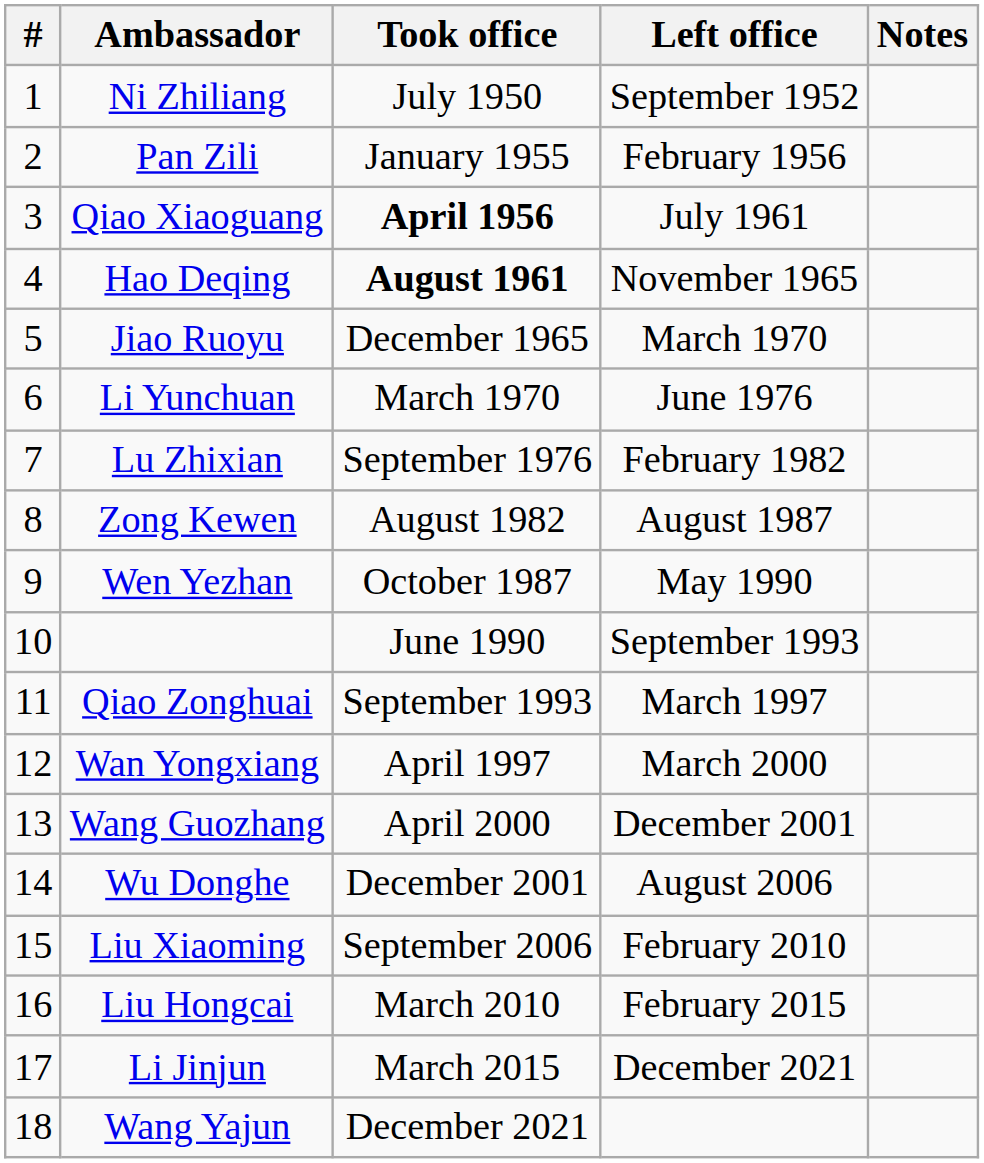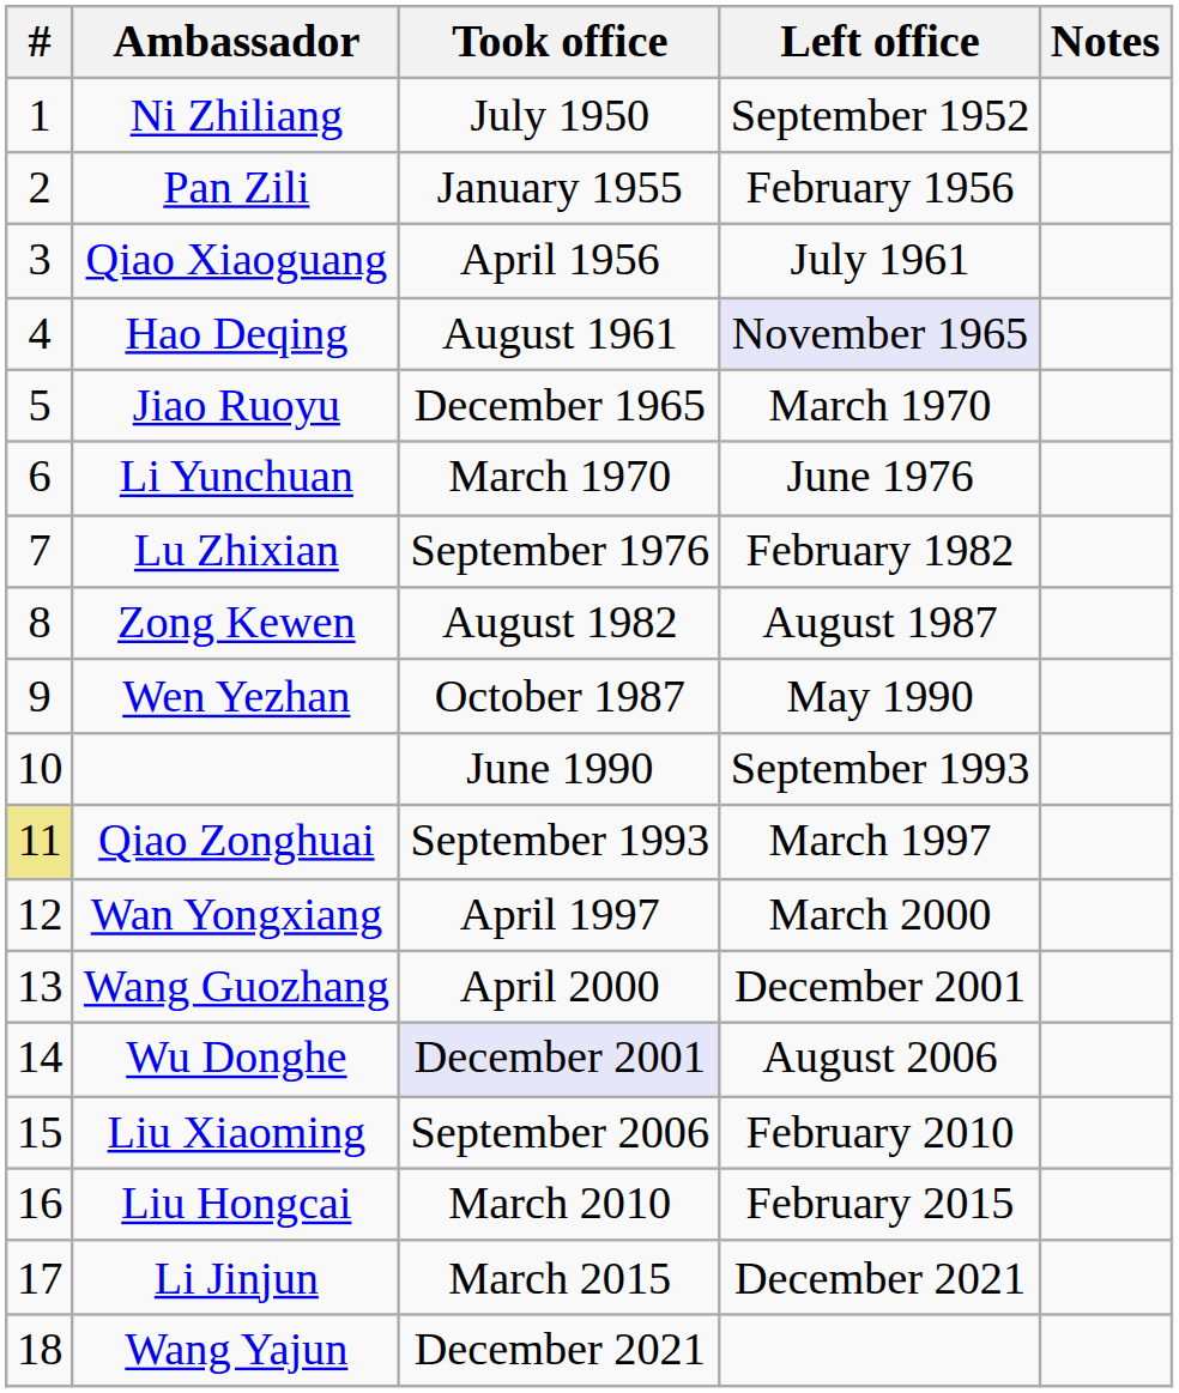 <table class=wikitable style="text-align:center">
 <tr>
 <th>#</th>
 <th>Ambassador</th>
 <th>Took office</th>
 <th>Left office</th>
 <th>Notes</th>
 </tr>
 <tr>
 <td>1</td>
 <td><a href='#'>Ni Zhiliang</a></td>
 <td>July 1950</td>
 <td>September 1952</td>
 <td></td>
 </tr>
 <tr>
 <td>2</td>
 <td><a href='#'>Pan Zili</a></td>
 <td>January 1955</td>
 <td>February 1956</td>
 <td></td>
 </tr>
 <tr>
 <td>3</td>
 <td><a href='#'>Qiao Xiaoguang</a></td>
-<td><strong>April 1956</strong></td>
+<td>April 1956</td>
 <td>July 1961</td>
 <td></td>
 </tr>
 <tr>
 <td>4</td>
 <td><a href='#'>Hao Deqing</a></td>
-<td><strong>August 1961</strong></td>
-<td>November 1965</td>
+<td>August 1961</td>
+<td style="background: lavender;">November 1965</td>
 <td></td>
 </tr>
 <tr>
 <td>5</td>
 <td><a href='#'>Jiao Ruoyu</a></td>
 <td>December 1965</td>
 <td>March 1970</td>
 <td></td>
 </tr>
 <tr>
 <td>6</td>
 <td><a href='#'>Li Yunchuan</a></td>
 <td>March 1970</td>
 <td>June 1976</td>
 <td></td>
 </tr>
 <tr>
 <td>7</td>
 <td><a href='#'>Lu Zhixian</a></td>
 <td>September 1976</td>
 <td>February 1982</td>
 <td></td>
 </tr>
 <tr>
 <td>8</td>
 <td><a href='#'>Zong Kewen</a></td>
 <td>August 1982</td>
 <td>August 1987</td>
 <td></td>
 </tr>
 <tr>
 <td>9</td>
 <td><a href='#'>Wen Yezhan</a></td>
 <td>October 1987</td>
 <td>May 1990</td>
 <td></td>
 </tr>
 <tr>
 <td>10</td>
 <td></td>
 <td>June 1990</td>
 <td>September 1993</td>
 <td></td>
 </tr>
 <tr>
-<td>11</td>
+<td style="background: khaki;">11</td>
 <td><a href='#'>Qiao Zonghuai</a></td>
 <td>September 1993</td>
 <td>March 1997</td>
 <td></td>
 </tr>
 <tr>
 <td>12</td>
 <td><a href='#'>Wan Yongxiang</a></td>
 <td>April 1997</td>
 <td>March 2000</td>
 <td></td>
 </tr>
 <tr>
 <td>13</td>
 <td><a href='#'>Wang Guozhang</a></td>
 <td>April 2000</td>
 <td>December 2001</td>
 <td></td>
 </tr>
 <tr>
 <td>14</td>
 <td><a href='#'>Wu Donghe</a></td>
-<td>December 2001</td>
+<td style="background: lavender;">December 2001</td>
 <td>August 2006</td>
 <td></td>
 </tr>
 <tr>
 <td>15</td>
 <td><a href='#'>Liu Xiaoming</a></td>
 <td>September 2006</td>
 <td>February 2010</td>
 <td></td>
 </tr>
 <tr>
 <td>16</td>
 <td><a href='#'>Liu Hongcai</a></td>
 <td>March 2010</td>
 <td>February 2015</td>
 <td></td>
 </tr>
 <tr>
 <td>17</td>
 <td><a href='#'>Li Jinjun</a></td>
 <td>March 2015</td>
 <td>December 2021</td>
 <td></td>
 </tr>
 <tr>
 <td>18</td>
 <td><a href='#'>Wang Yajun</a></td>
 <td>December 2021</td>
 <td></td>
 </tr>
 </table>
